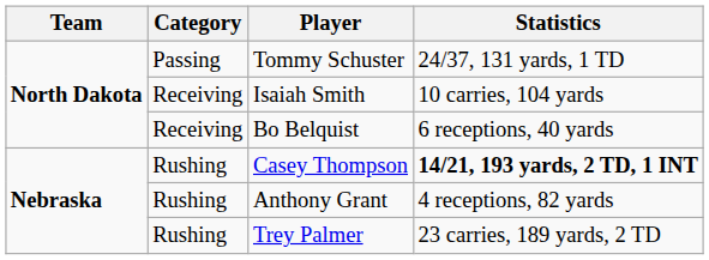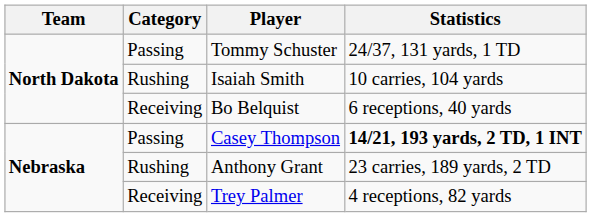 <table class="wikitable" style="float: right;">
 <tr>
 <th>Team</th>
 <th>Category</th>
 <th>Player</th>
 <th>Statistics</th>
 </tr>
 <tr>
 <td rowspan=3><strong>North Dakota</strong></td>
 <td>Passing</td>
 <td>Tommy Schuster</td>
 <td>24/37, 131 yards, 1 TD</td>
 </tr>
 <tr>
-<td>Receiving</td>
+<td>Rushing</td>
 <td>Isaiah Smith</td>
 <td>10 carries, 104 yards</td>
 </tr>
 <tr>
 <td>Receiving</td>
 <td>Bo Belquist</td>
 <td>6 receptions, 40 yards</td>
 </tr>
 <tr>
 <td rowspan=3><strong>Nebraska</strong></td>
-<td>Rushing</td>
+<td>Passing</td>
 <td><a href='#'>Casey Thompson</a></td>
 <td><strong>14/21, 193 yards, 2 TD, 1 INT</strong></td>
 </tr>
 <tr>
 <td>Rushing</td>
 <td>Anthony Grant</td>
+<td>23 carries, 189 yards, 2 TD</td>
+</tr>
+<tr>
+<td>Receiving</td>
+<td><a href='#'>Trey Palmer</a></td>
 <td>4 receptions, 82 yards</td>
 </tr>
-<tr>
-<td>Rushing</td>
-<td><a href='#'>Trey Palmer</a></td>
-<td>23 carries, 189 yards, 2 TD</td>
-</tr>
 </table>
